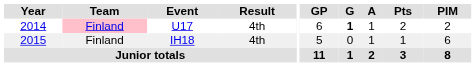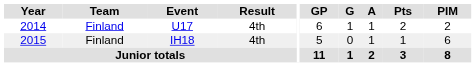 <table border="0" cellpadding="1" cellspacing="0" ID="Table3" style="text-align:center; width:40em">
 <tr ALIGN="center" bgcolor="#e0e0e0">
 <th>Year</th>
 <th>Team</th>
 <th>Event</th>
 <th>Result</th>
 <th rowspan="99" bgcolor="#ffffff"></th>
 <th>GP</th>
 <th>G</th>
 <th>A</th>
 <th>Pts</th>
 <th>PIM</th>
 </tr>
 <tr>
 <td><a href='#'>2014</a></td>
-<td style="background: pink;"><a href='#'>Finland</a></td>
+<td><a href='#'>Finland</a></td>
 <td><a href='#'>U17</a></td>
 <td>4th</td>
 <td>6</td>
-<td><strong>1</strong></td>
+<td>1</td>
 <td>1</td>
 <td>2</td>
 <td>2</td>
 </tr>
 <tr bgcolor="#f0f0f0">
 <td><a href='#'>2015</a></td>
 <td>Finland</td>
 <td><a href='#'>IH18</a></td>
 <td>4th</td>
 <td>5</td>
 <td>0</td>
 <td>1</td>
 <td>1</td>
 <td>6</td>
 </tr>
 <tr bgcolor="#e0e0e0">
 <th colspan="4">Junior totals</th>
 <th>11</th>
 <th>1</th>
 <th>2</th>
 <th>3</th>
 <th>8</th>
 </tr>
 </table>
